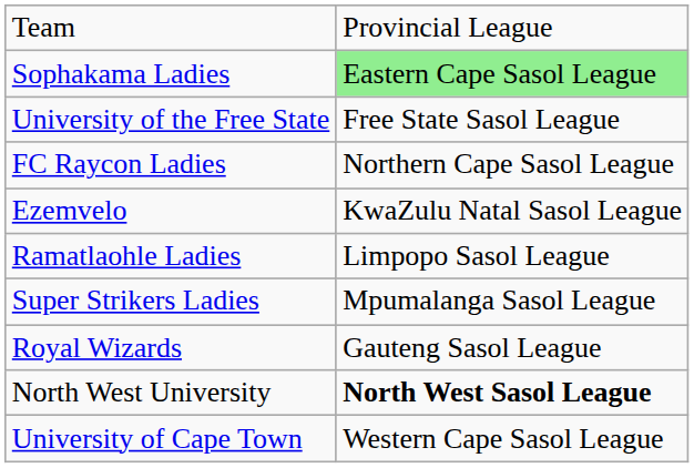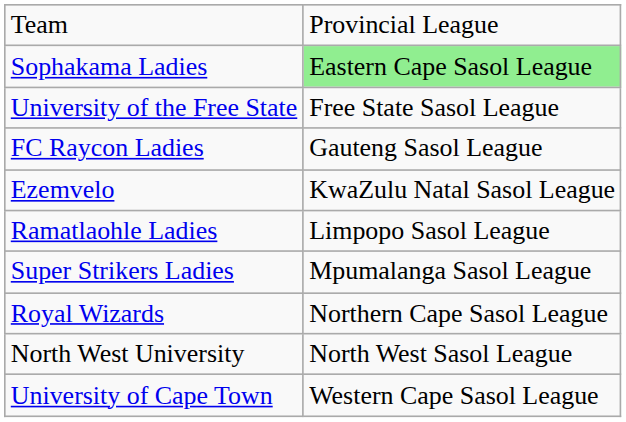 <table class= "wikitable sortable" style="text_align: left;">
 <tr>
 <td>Team</td>
 <td>Provincial League</td>
 </tr>
 <tr>
 <td><a href='#'>Sophakama Ladies</a></td>
 <td style="background: lightgreen;">Eastern Cape Sasol League</td>
 </tr>
 <tr>
 <td><a href='#'>University of the Free State</a></td>
 <td>Free State Sasol League</td>
 </tr>
 <tr>
 <td><a href='#'>FC Raycon Ladies</a></td>
-<td>Northern Cape Sasol League</td>
+<td>Gauteng Sasol League</td>
 </tr>
 <tr>
 <td><a href='#'>Ezemvelo</a></td>
 <td>KwaZulu Natal Sasol League</td>
 </tr>
 <tr>
 <td><a href='#'>Ramatlaohle Ladies</a></td>
 <td>Limpopo Sasol League</td>
 </tr>
 <tr>
 <td><a href='#'>Super Strikers Ladies</a></td>
 <td>Mpumalanga Sasol League</td>
 </tr>
 <tr>
 <td><a href='#'>Royal Wizards</a></td>
-<td>Gauteng Sasol League</td>
+<td>Northern Cape Sasol League</td>
 </tr>
 <tr>
 <td>North West University</td>
-<td><strong>North West Sasol League</strong></td>
+<td>North West Sasol League</td>
 </tr>
 <tr>
 <td><a href='#'>University of Cape Town</a></td>
 <td>Western Cape Sasol League</td>
 </tr>
 </table>
